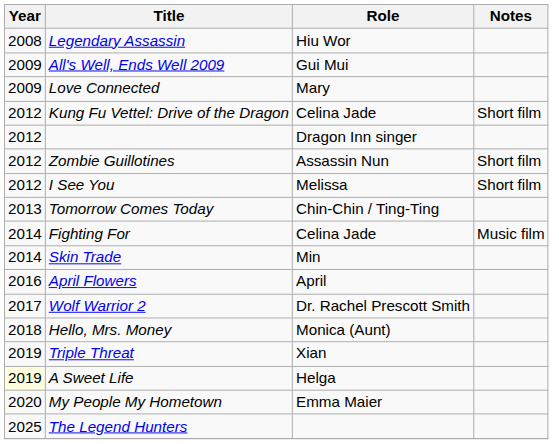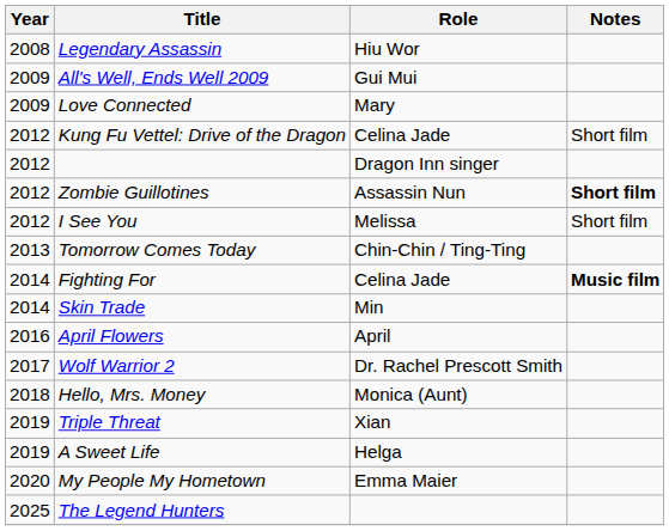 <table class="wikitable sortable">
 <tr>
 <th>Year</th>
 <th>Title</th>
 <th>Role</th>
 <th class="unsortable">Notes</th>
 </tr>
 <tr>
 <td>2008</td>
 <td><em><a href='#'>Legendary Assassin</a></em></td>
 <td>Hiu Wor</td>
 <td></td>
 </tr>
 <tr>
 <td>2009</td>
 <td><em><a href='#'>All's Well, Ends Well 2009</a></em></td>
 <td>Gui Mui</td>
 <td></td>
 </tr>
 <tr>
 <td>2009</td>
 <td><em>Love Connected</em></td>
 <td>Mary</td>
 <td></td>
 </tr>
 <tr>
 <td>2012</td>
 <td><em>Kung Fu Vettel: Drive of the Dragon</em></td>
 <td>Celina Jade</td>
 <td>Short film</td>
 </tr>
 <tr>
 <td>2012</td>
 <td><em></em></td>
 <td>Dragon Inn singer</td>
 <td></td>
 </tr>
 <tr>
 <td>2012</td>
 <td><em>Zombie Guillotines</em></td>
 <td>Assassin Nun</td>
-<td>Short film</td>
+<td><strong>Short film</strong></td>
 </tr>
 <tr>
 <td>2012</td>
 <td><em>I See You</em></td>
 <td>Melissa</td>
 <td>Short film</td>
 </tr>
 <tr>
 <td>2013</td>
 <td><em>Tomorrow Comes Today</em></td>
 <td>Chin-Chin / Ting-Ting</td>
 <td></td>
 </tr>
 <tr>
 <td>2014</td>
 <td><em>Fighting For</em></td>
 <td>Celina Jade</td>
-<td>Music film</td>
+<td><strong>Music film</strong></td>
 </tr>
 <tr>
 <td>2014</td>
 <td><em><a href='#'>Skin Trade</a></em></td>
 <td>Min</td>
 <td></td>
 </tr>
 <tr>
 <td>2016</td>
 <td><em><a href='#'>April Flowers</a></em></td>
 <td>April</td>
 <td></td>
 </tr>
 <tr>
 <td>2017</td>
 <td><em><a href='#'>Wolf Warrior 2</a></em></td>
 <td>Dr. Rachel Prescott Smith</td>
 <td></td>
 </tr>
 <tr>
 <td>2018</td>
 <td><em>Hello, Mrs. Money</em></td>
 <td>Monica (Aunt)</td>
 <td></td>
 </tr>
 <tr>
 <td>2019</td>
 <td><em><a href='#'>Triple Threat</a></em></td>
 <td>Xian</td>
 <td></td>
 </tr>
 <tr>
-<td style="background: lightyellow;">2019</td>
+<td>2019</td>
 <td><em>A Sweet Life</em></td>
 <td>Helga</td>
 <td></td>
 </tr>
 <tr>
 <td>2020</td>
 <td><em>My People My Hometown</em></td>
 <td>Emma Maier</td>
 <td></td>
 </tr>
 <tr>
 <td>2025</td>
 <td><em><a href='#'>The Legend Hunters</a></em></td>
 <td></td>
 <td></td>
 </tr>
 <tr>
 </tr>
 </table>
